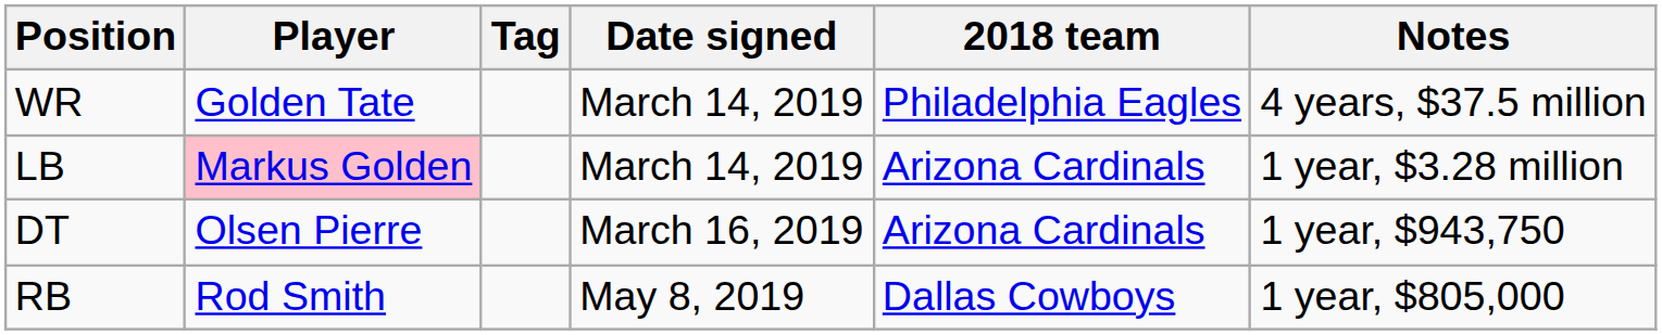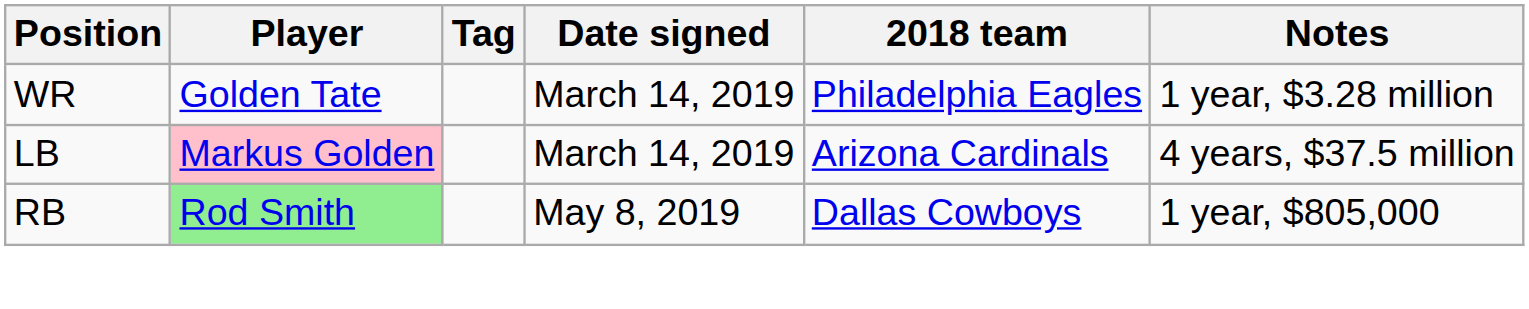 <table class="wikitable">
 <tr>
 <th>Position</th>
 <th>Player</th>
 <th>Tag</th>
 <th>Date signed</th>
 <th>2018 team</th>
 <th>Notes</th>
 </tr>
 <tr>
 <td>WR</td>
 <td><a href='#'>Golden Tate</a></td>
 <td></td>
 <td>March 14, 2019</td>
 <td><a href='#'>Philadelphia Eagles</a></td>
-<td>4 years, $37.5 million</td>
+<td>1 year, $3.28 million</td>
 </tr>
 <tr>
 <td>LB</td>
 <td style="background: pink;"><a href='#'>Markus Golden</a></td>
 <td></td>
 <td>March 14, 2019</td>
 <td><a href='#'>Arizona Cardinals</a></td>
-<td>1 year, $3.28 million</td>
-</tr>
-<tr>
-<td>DT</td>
-<td><a href='#'>Olsen Pierre</a></td>
-<td></td>
-<td>March 16, 2019</td>
-<td><a href='#'>Arizona Cardinals</a></td>
-<td>1 year, $943,750</td>
+<td>4 years, $37.5 million</td>
 </tr>
 <tr>
 <td>RB</td>
-<td><a href='#'>Rod Smith</a></td>
+<td style="background: lightgreen;"><a href='#'>Rod Smith</a></td>
 <td></td>
 <td>May 8, 2019</td>
 <td><a href='#'>Dallas Cowboys</a></td>
 <td>1 year, $805,000</td>
 </tr>
 </table>
